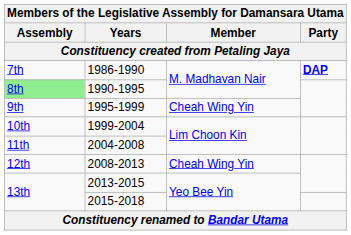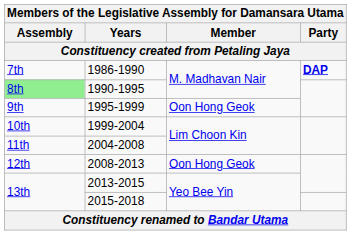 <table class="wikitable">
 <tr>
 <th colspan="4">Members of the Legislative Assembly for Damansara Utama</th>
 </tr>
 <tr>
 <th>Assembly</th>
 <th>Years</th>
 <th>Member</th>
 <th>Party</th>
 </tr>
 <tr>
 <th colspan="4" align="center"><em>Constituency created from Petaling Jaya</em></th>
 </tr>
 <tr>
 <td><a href='#'>7th</a></td>
 <td>1986-1990</td>
 <td rowspan="2"><a href='#'>M. Madhavan Nair</a></td>
 <td><a href='#'><strong>DAP</strong></a></td>
 </tr>
 <tr>
 <td style="background: lightgreen;"><a href='#'>8th</a></td>
 <td>1990-1995</td>
 <td rowspan=2 bgcolor=></td>
 </tr>
 <tr>
 <td><a href='#'>9th</a></td>
 <td>1995-1999</td>
-<td><a href='#'>Cheah Wing Yin</a></td>
+<td><a href='#'>Oon Hong Geok</a></td>
 </tr>
 <tr>
 <td><a href='#'>10th</a></td>
 <td>1999-2004</td>
 <td rowspan="2"><a href='#'>Lim Choon Kin</a></td>
 <td rowspan="2" bgcolor=></td>
 </tr>
 <tr>
 <td><a href='#'>11th</a></td>
 <td>2004-2008</td>
 </tr>
 <tr>
 <td><a href='#'>12th</a></td>
 <td>2008-2013</td>
-<td><a href='#'>Cheah Wing Yin</a></td>
+<td><a href='#'>Oon Hong Geok</a></td>
 <td rowspan="2" bgcolor=></td>
 </tr>
 <tr>
 <td rowspan=2><a href='#'>13th</a></td>
 <td>2013-2015</td>
 <td rowspan=2><a href='#'>Yeo Bee Yin</a></td>
 </tr>
 <tr>
 <td>2015-2018</td>
 <td bgcolor=></td>
 </tr>
 <tr>
 <th colspan="4" align="center"><em>Constituency renamed to <a href='#'>Bandar Utama</a></em></th>
 </tr>
 </table>
